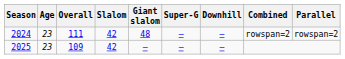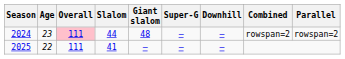 <table class=wikitable style="text-align:center">
 <tr>
 <th>Season</th>
 <th>Age</th>
 <th>Overall</th>
 <th>Slalom</th>
 <th>Giant<br>slalom</th>
 <th>Super-G</th>
 <th>Downhill</th>
 <th>Combined</th>
 <th>Parallel</th>
 </tr>
 <tr>
 <td><a href='#'>2024</a></td>
 <td><em>23</em></td>
-<td><a href='#'>111</a></td>
-<td><a href='#'>42</a></td>
+<td style="background: pink;"><a href='#'>111</a></td>
+<td><a href='#'>44</a></td>
 <td><a href='#'>48</a></td>
 <td><a href='#'>—</a></td>
 <td><a href='#'>—</a></td>
 <td>rowspan=2 </td>
 <td>rowspan=2 </td>
 </tr>
 <tr>
 <td><a href='#'>2025</a></td>
-<td><em>23</em></td>
-<td><a href='#'>109</a></td>
-<td><a href='#'>42</a></td>
+<td><em>22</em></td>
+<td><a href='#'>111</a></td>
+<td><a href='#'>41</a></td>
 <td><a href='#'>—</a></td>
 <td><a href='#'>—</a></td>
 <td><a href='#'>—</a></td>
 </tr>
 </table>
